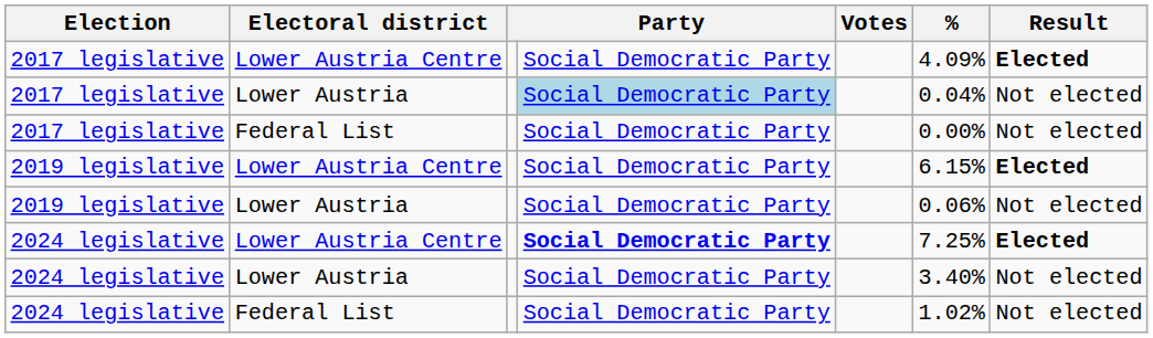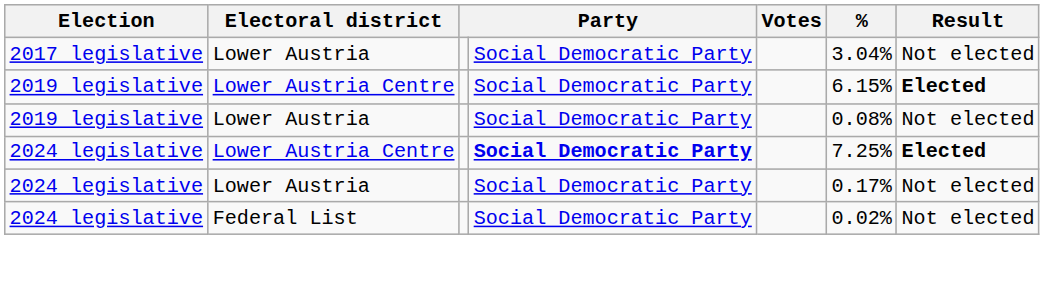 <table class="wikitable" style="text-align:left;">
 <tr>
 <th scope=col>Election</th>
 <th scope=col>Electoral district</th>
 <th scope=col colspan="2">Party</th>
 <th scope=col>Votes</th>
 <th scope=col>%</th>
 <th scope=col>Result</th>
 </tr>
 <tr>
 <td><a href='#'>2017 legislative</a></td>
-<td><a href='#'>Lower Austria Centre</a></td>
+<td>Lower Austria</td>
 <td style="background:"></td>
 <td><a href='#'>Social Democratic Party</a></td>
 <td align=right></td>
-<td align=right>4.09%</td>
-<td><strong>Elected</strong></td>
-</tr>
-<tr>
-<td><a href='#'>2017 legislative</a></td>
-<td>Lower Austria</td>
-<td style="background:"></td>
-<td style="background: lightblue;"><a href='#'>Social Democratic Party</a></td>
-<td align=right></td>
-<td align=right>0.04%</td>
-<td>Not elected</td>
-</tr>
-<tr>
-<td><a href='#'>2017 legislative</a></td>
-<td>Federal List</td>
-<td style="background:"></td>
-<td><a href='#'>Social Democratic Party</a></td>
-<td align=right></td>
-<td align=right>0.00%</td>
+<td align=right>3.04%</td>
 <td>Not elected</td>
 </tr>
 <tr>
 <td><a href='#'>2019 legislative</a></td>
 <td><a href='#'>Lower Austria Centre</a></td>
 <td style="background:"></td>
 <td><a href='#'>Social Democratic Party</a></td>
 <td align=right></td>
 <td align=right>6.15%</td>
 <td><strong>Elected</strong></td>
 </tr>
 <tr>
 <td><a href='#'>2019 legislative</a></td>
 <td>Lower Austria</td>
 <td style="background:"></td>
 <td><a href='#'>Social Democratic Party</a></td>
 <td align=right></td>
-<td align=right>0.06%</td>
+<td align=right>0.08%</td>
 <td>Not elected</td>
 </tr>
 <tr>
 <td><a href='#'>2024 legislative</a></td>
 <td><a href='#'>Lower Austria Centre</a></td>
 <td style="background:"></td>
 <td><strong><a href='#'>Social Democratic Party</a></strong></td>
 <td align=right></td>
 <td align=right>7.25%</td>
 <td><strong>Elected</strong></td>
 </tr>
 <tr>
 <td><a href='#'>2024 legislative</a></td>
 <td>Lower Austria</td>
 <td style="background:"></td>
 <td><a href='#'>Social Democratic Party</a></td>
 <td align=right></td>
-<td align=right>3.40%</td>
+<td align=right>0.17%</td>
 <td>Not elected</td>
 </tr>
 <tr>
 <td><a href='#'>2024 legislative</a></td>
 <td>Federal List</td>
 <td style="background:"></td>
 <td><a href='#'>Social Democratic Party</a></td>
 <td align=right></td>
-<td align=right>1.02%</td>
+<td align=right>0.02%</td>
 <td>Not elected</td>
 </tr>
 </table>
